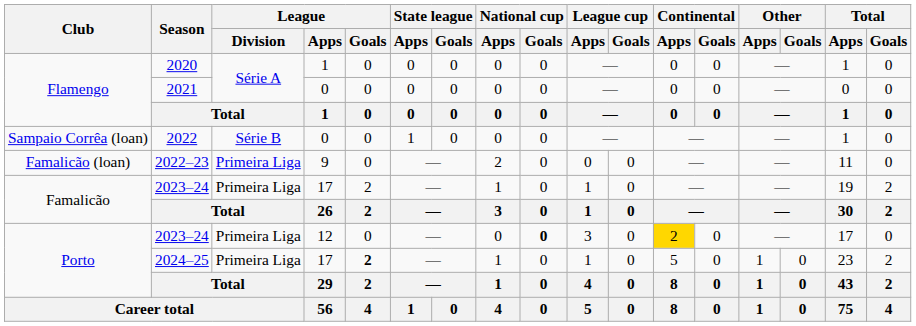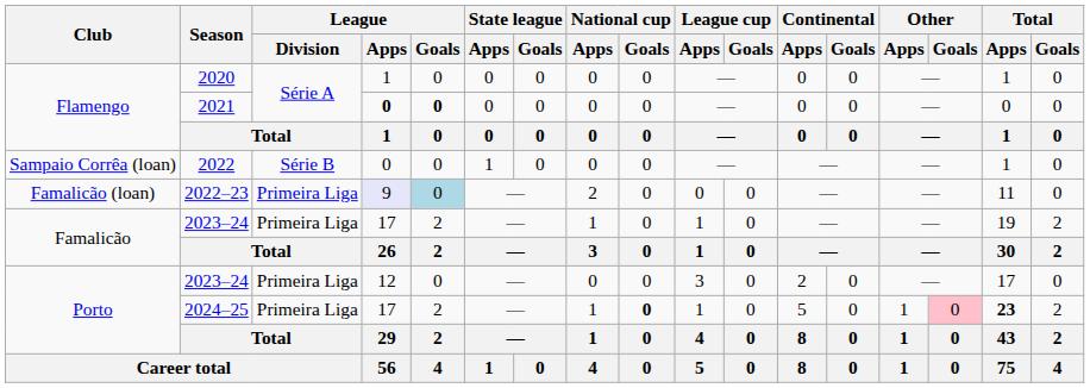 <table class="wikitable" style="text-align: center">
 <tr>
 <th rowspan="2">Club</th>
 <th rowspan="2">Season</th>
 <th colspan="3">League</th>
 <th colspan="2">State league</th>
 <th colspan="2">National cup</th>
 <th colspan="2">League cup</th>
 <th colspan="2">Continental</th>
 <th colspan="2">Other</th>
 <th colspan="2">Total</th>
 </tr>
 <tr>
 <th>Division</th>
 <th>Apps</th>
 <th>Goals</th>
 <th>Apps</th>
 <th>Goals</th>
 <th>Apps</th>
 <th>Goals</th>
 <th>Apps</th>
 <th>Goals</th>
 <th>Apps</th>
 <th>Goals</th>
 <th>Apps</th>
 <th>Goals</th>
 <th>Apps</th>
 <th>Goals</th>
 </tr>
 <tr>
 <td rowspan="3"><a href='#'>Flamengo</a></td>
 <td><a href='#'>2020</a></td>
 <td rowspan="2"><a href='#'>Série A</a></td>
 <td>1</td>
 <td>0</td>
 <td>0</td>
 <td>0</td>
 <td>0</td>
 <td>0</td>
 <td colspan="2">—</td>
 <td>0</td>
 <td>0</td>
 <td colspan="2">—</td>
 <td>1</td>
 <td>0</td>
 </tr>
 <tr>
 <td><a href='#'>2021</a></td>
-<td>0</td>
-<td>0</td>
+<td><strong>0</strong></td>
+<td><strong>0</strong></td>
 <td>0</td>
 <td>0</td>
 <td>0</td>
 <td>0</td>
 <td colspan="2">—</td>
 <td>0</td>
 <td>0</td>
 <td colspan="2">—</td>
 <td>0</td>
 <td>0</td>
 </tr>
 <tr>
 <th colspan="2">Total</th>
 <th>1</th>
 <th>0</th>
 <th>0</th>
 <th>0</th>
 <th>0</th>
 <th>0</th>
 <th colspan="2">—</th>
 <th>0</th>
 <th>0</th>
 <th colspan="2">—</th>
 <th>1</th>
 <th>0</th>
 </tr>
 <tr>
 <td rowspan="1"><a href='#'>Sampaio Corrêa</a> (loan)</td>
 <td><a href='#'>2022</a></td>
 <td><a href='#'>Série B</a></td>
 <td>0</td>
 <td>0</td>
 <td>1</td>
 <td>0</td>
 <td>0</td>
 <td>0</td>
 <td colspan="2">—</td>
 <td colspan="2">—</td>
 <td colspan="2">—</td>
 <td>1</td>
 <td>0</td>
 </tr>
 <tr>
 <td><a href='#'>Famalicão</a> (loan)</td>
 <td><a href='#'>2022–23</a></td>
 <td><a href='#'>Primeira Liga</a></td>
-<td>9</td>
-<td>0</td>
+<td style="background: lavender;">9</td>
+<td style="background: lightblue;">0</td>
 <td colspan="2">—</td>
 <td>2</td>
 <td>0</td>
 <td>0</td>
 <td>0</td>
 <td colspan="2">—</td>
 <td colspan="2">—</td>
 <td>11</td>
 <td>0</td>
 </tr>
 <tr>
 <td rowspan="2">Famalicão</td>
 <td><a href='#'>2023–24</a></td>
 <td>Primeira Liga</td>
 <td>17</td>
 <td>2</td>
 <td colspan="2">—</td>
 <td>1</td>
 <td>0</td>
 <td>1</td>
 <td>0</td>
 <td colspan="2">—</td>
 <td colspan="2">—</td>
 <td>19</td>
 <td>2</td>
 </tr>
 <tr>
 <th colspan="2">Total</th>
 <th>26</th>
 <th>2</th>
 <th colspan="2">—</th>
 <th>3</th>
 <th>0</th>
 <th>1</th>
 <th>0</th>
 <th colspan="2">—</th>
 <th colspan="2">—</th>
 <th>30</th>
 <th>2</th>
 </tr>
 <tr>
 <td rowspan="3"><a href='#'>Porto</a></td>
 <td><a href='#'>2023–24</a></td>
 <td>Primeira Liga</td>
 <td>12</td>
 <td>0</td>
 <td colspan="2">—</td>
 <td>0</td>
-<td><strong>0</strong></td>
+<td>0</td>
 <td>3</td>
 <td>0</td>
-<td style="background: gold;">2</td>
+<td>2</td>
 <td>0</td>
 <td colspan="2">—</td>
 <td>17</td>
 <td>0</td>
 </tr>
 <tr>
 <td><a href='#'>2024–25</a></td>
 <td>Primeira Liga</td>
 <td>17</td>
-<td><strong>2</strong></td>
+<td>2</td>
 <td colspan="2">—</td>
 <td>1</td>
-<td>0</td>
+<td><strong>0</strong></td>
 <td>1</td>
 <td>0</td>
 <td>5</td>
 <td>0</td>
 <td>1</td>
-<td>0</td>
-<td>23</td>
+<td style="background: pink;">0</td>
+<td><strong>23</strong></td>
 <td>2</td>
 </tr>
 <tr>
 <th colspan="2">Total</th>
 <th>29</th>
 <th>2</th>
 <th colspan="2">—</th>
 <th>1</th>
 <th>0</th>
 <th>4</th>
 <th>0</th>
 <th>8</th>
 <th>0</th>
 <th>1</th>
 <th>0</th>
 <th>43</th>
 <th>2</th>
 </tr>
 <tr>
 <th colspan="3"><strong>Career total</strong></th>
 <th>56</th>
 <th>4</th>
 <th>1</th>
 <th>0</th>
 <th>4</th>
 <th>0</th>
 <th>5</th>
 <th>0</th>
 <th>8</th>
 <th>0</th>
 <th>1</th>
 <th>0</th>
 <th>75</th>
 <th>4</th>
 </tr>
 </table>
